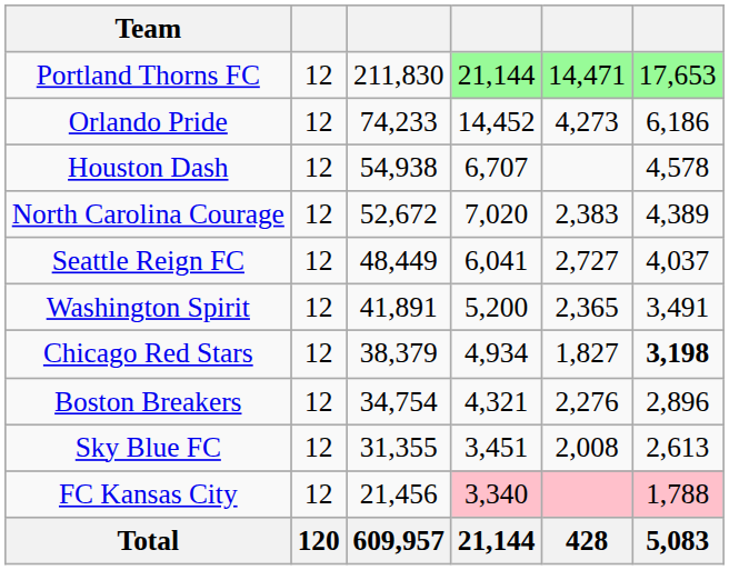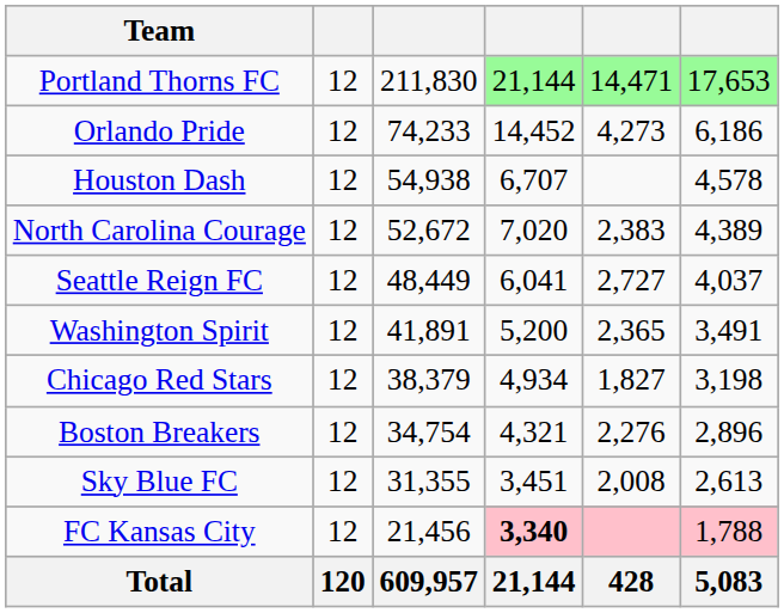 <table class="wikitable sortable" style="font-size: 95%;text-align: center;">
 <tr>
 <th>Team</th>
 <th></th>
 <th></th>
 <th></th>
 <th></th>
 <th></th>
 </tr>
 <tr>
 <td><a href='#'>Portland Thorns FC</a></td>
 <td>12</td>
 <td>211,830</td>
 <td bgcolor="#98fb98">21,144</td>
 <td bgcolor="#98fb98">14,471</td>
 <td bgcolor="#98fb98">17,653</td>
 </tr>
 <tr>
 <td><a href='#'>Orlando Pride</a></td>
 <td>12</td>
 <td>74,233</td>
 <td>14,452</td>
 <td>4,273</td>
 <td>6,186</td>
 </tr>
 <tr>
 <td><a href='#'>Houston Dash</a></td>
 <td>12</td>
 <td>54,938</td>
 <td>6,707</td>
 <td></td>
 <td>4,578</td>
 </tr>
 <tr>
 <td><a href='#'>North Carolina Courage</a></td>
 <td>12</td>
 <td>52,672</td>
 <td>7,020</td>
 <td>2,383</td>
 <td>4,389</td>
 </tr>
 <tr>
 <td><a href='#'>Seattle Reign FC</a></td>
 <td>12</td>
 <td>48,449</td>
 <td>6,041</td>
 <td>2,727</td>
 <td>4,037</td>
 </tr>
 <tr>
 <td><a href='#'>Washington Spirit</a></td>
 <td>12</td>
 <td>41,891</td>
 <td>5,200</td>
 <td>2,365</td>
 <td>3,491</td>
 </tr>
 <tr>
 <td><a href='#'>Chicago Red Stars</a></td>
 <td>12</td>
 <td>38,379</td>
 <td>4,934</td>
 <td>1,827</td>
-<td><strong>3,198</strong></td>
+<td>3,198</td>
 </tr>
 <tr>
 <td><a href='#'>Boston Breakers</a></td>
 <td>12</td>
 <td>34,754</td>
 <td>4,321</td>
 <td>2,276</td>
 <td>2,896</td>
 </tr>
 <tr>
 <td><a href='#'>Sky Blue FC</a></td>
 <td>12</td>
 <td>31,355</td>
 <td>3,451</td>
 <td>2,008</td>
 <td>2,613</td>
 </tr>
 <tr>
 <td><a href='#'>FC Kansas City</a></td>
 <td>12</td>
 <td>21,456</td>
-<td bgcolor="#ffc0cb">3,340</td>
+<td bgcolor="#ffc0cb"><strong>3,340</strong></td>
 <td bgcolor="#ffc0cb"></td>
 <td bgcolor="#ffc0cb">1,788</td>
 </tr>
 <tr>
 <th>Total</th>
 <th>120</th>
 <th>609,957</th>
 <th>21,144</th>
 <th>428</th>
 <th>5,083</th>
 </tr>
 </table>
